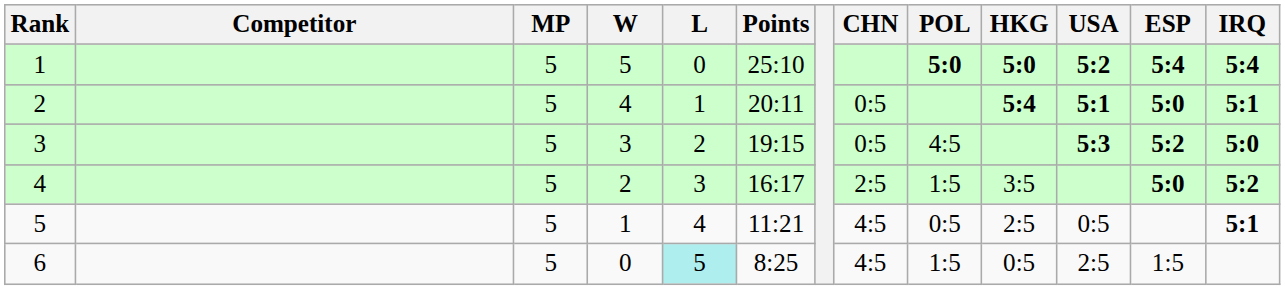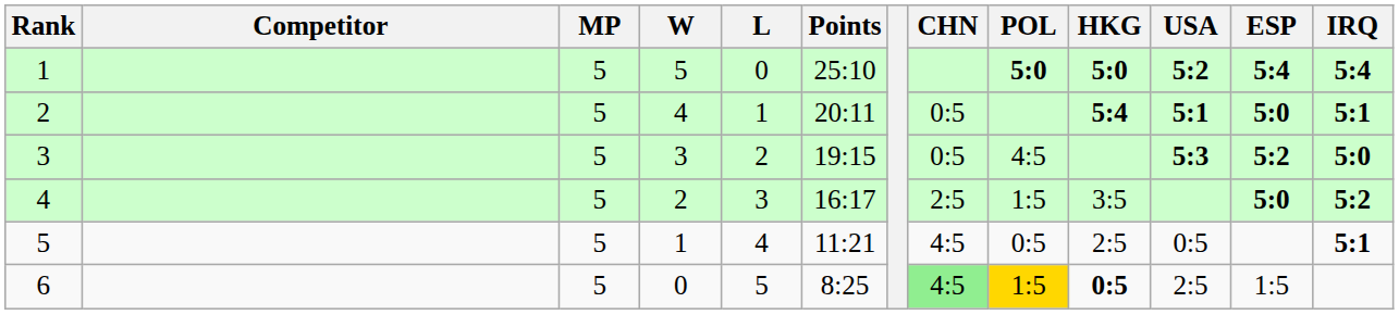 <table class="wikitable" style="text-align:center">
 <tr>
 <th>Rank</th>
 <th style="width:17em">Competitor</th>
 <th style="width:2.5em">MP</th>
 <th style="width:2.5em">W</th>
 <th style="width:2.5em">L</th>
 <th>Points</th>
 <th rowspan="7"> </th>
 <th style="width:2.5em">CHN</th>
 <th style="width:2.5em">POL</th>
 <th style="width:2.5em">HKG</th>
 <th style="width:2.5em">USA</th>
 <th style="width:2.5em">ESP</th>
 <th style="width:2.5em">IRQ</th>
 </tr>
 <tr style="background:#cfc;">
 <td>1</td>
 <td style="text-align:left"></td>
 <td>5</td>
 <td>5</td>
 <td>0</td>
 <td>25:10</td>
 <td></td>
 <td><strong>5:0</strong></td>
 <td><strong>5:0</strong></td>
 <td><strong>5:2</strong></td>
 <td><strong>5:4</strong></td>
 <td><strong>5:4</strong></td>
 </tr>
 <tr style="background:#cfc;">
 <td>2</td>
 <td style="text-align:left"></td>
 <td>5</td>
 <td>4</td>
 <td>1</td>
 <td>20:11</td>
 <td>0:5</td>
 <td></td>
 <td><strong>5:4</strong></td>
 <td><strong>5:1</strong></td>
 <td><strong>5:0</strong></td>
 <td><strong>5:1</strong></td>
 </tr>
 <tr style="background:#cfc;">
 <td>3</td>
 <td style="text-align:left"></td>
 <td>5</td>
 <td>3</td>
 <td>2</td>
 <td>19:15</td>
 <td>0:5</td>
 <td>4:5</td>
 <td></td>
 <td><strong>5:3</strong></td>
 <td><strong>5:2</strong></td>
 <td><strong>5:0</strong></td>
 </tr>
 <tr style="background:#cfc;">
 <td>4</td>
 <td style="text-align:left"></td>
 <td>5</td>
 <td>2</td>
 <td>3</td>
 <td>16:17</td>
 <td>2:5</td>
 <td>1:5</td>
 <td>3:5</td>
 <td></td>
 <td><strong>5:0</strong></td>
 <td><strong>5:2</strong></td>
 </tr>
 <tr>
 <td>5</td>
 <td style="text-align:left"></td>
 <td>5</td>
 <td>1</td>
 <td>4</td>
 <td>11:21</td>
 <td>4:5</td>
 <td>0:5</td>
 <td>2:5</td>
 <td>0:5</td>
 <td></td>
 <td><strong>5:1</strong></td>
 </tr>
 <tr>
 <td>6</td>
 <td style="text-align:left"></td>
 <td>5</td>
 <td>0</td>
-<td style="background: paleturquoise;">5</td>
+<td>5</td>
 <td>8:25</td>
-<td>4:5</td>
-<td>1:5</td>
-<td>0:5</td>
+<td style="background: lightgreen;">4:5</td>
+<td style="background: gold;">1:5</td>
+<td><strong>0:5</strong></td>
 <td>2:5</td>
 <td>1:5</td>
 <td></td>
 </tr>
 </table>
